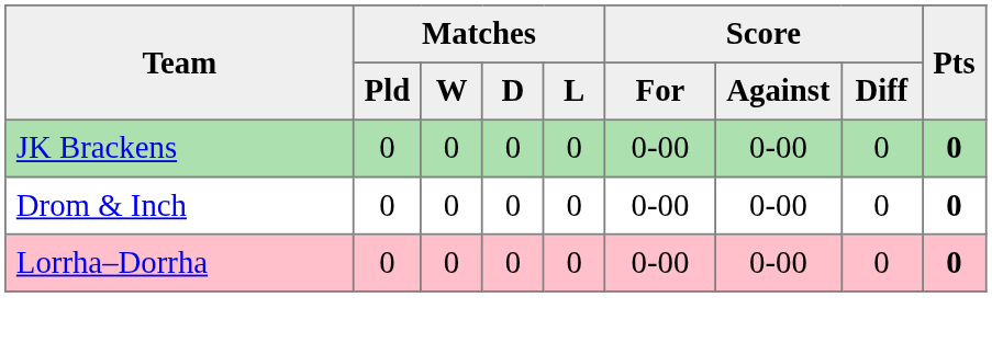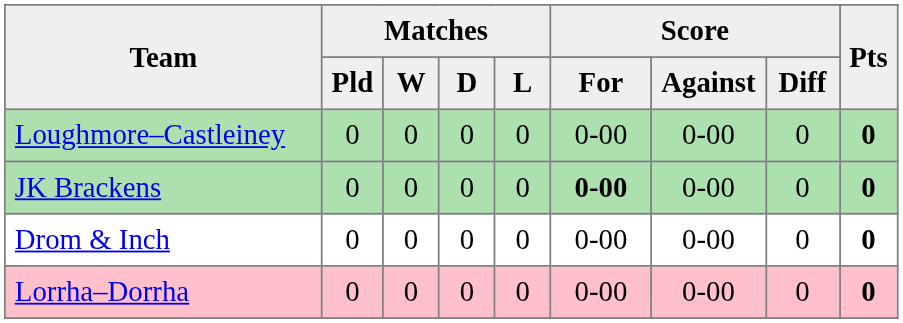 <table style=border-collapse:collapse border=1 cellspacing=0 cellpadding=5>
 <tr align=center bgcolor=#efefef>
 <th rowspan=2 width=165>Team</th>
 <th colspan=4>Matches</th>
 <th colspan=3>Score</th>
 <th rowspan=2width=20>Pts</th>
 </tr>
 <tr align=center bgcolor=#efefef>
 <th width=20>Pld</th>
 <th width=20>W</th>
 <th width=20>D</th>
 <th width=20>L</th>
 <th width=45>For</th>
 <th width=45>Against</th>
 <th width=30>Diff</th>
 </tr>
 <tr align=center style="background:#ACE1AF;">
+<td style="text-align:left;"> <a href='#'>Loughmore–Castleiney</a></td>
+<td>0</td>
+<td>0</td>
+<td>0</td>
+<td>0</td>
+<td>0-00</td>
+<td>0-00</td>
+<td>0</td>
+<td><strong>0</strong></td>
+</tr>
+<tr align=center style="background:#ACE1AF;">
 <td style="text-align:left;"> <a href='#'>JK Brackens</a></td>
 <td>0</td>
 <td>0</td>
 <td>0</td>
 <td>0</td>
-<td>0-00</td>
+<td><strong>0-00</strong></td>
 <td>0-00</td>
 <td>0</td>
 <td><strong>0</strong></td>
 </tr>
 <tr align=center>
 <td style="text-align:left;"> <a href='#'>Drom & Inch</a></td>
 <td>0</td>
 <td>0</td>
 <td>0</td>
 <td>0</td>
 <td>0-00</td>
 <td>0-00</td>
 <td>0</td>
 <td><strong>0</strong></td>
 </tr>
 <tr align=center style="background:#FFC0CB;">
 <td style="text-align:left;"> <a href='#'>Lorrha–Dorrha</a></td>
 <td>0</td>
 <td>0</td>
 <td>0</td>
 <td>0</td>
 <td>0-00</td>
 <td>0-00</td>
 <td>0</td>
 <td><strong>0</strong></td>
 </tr>
 </table>
